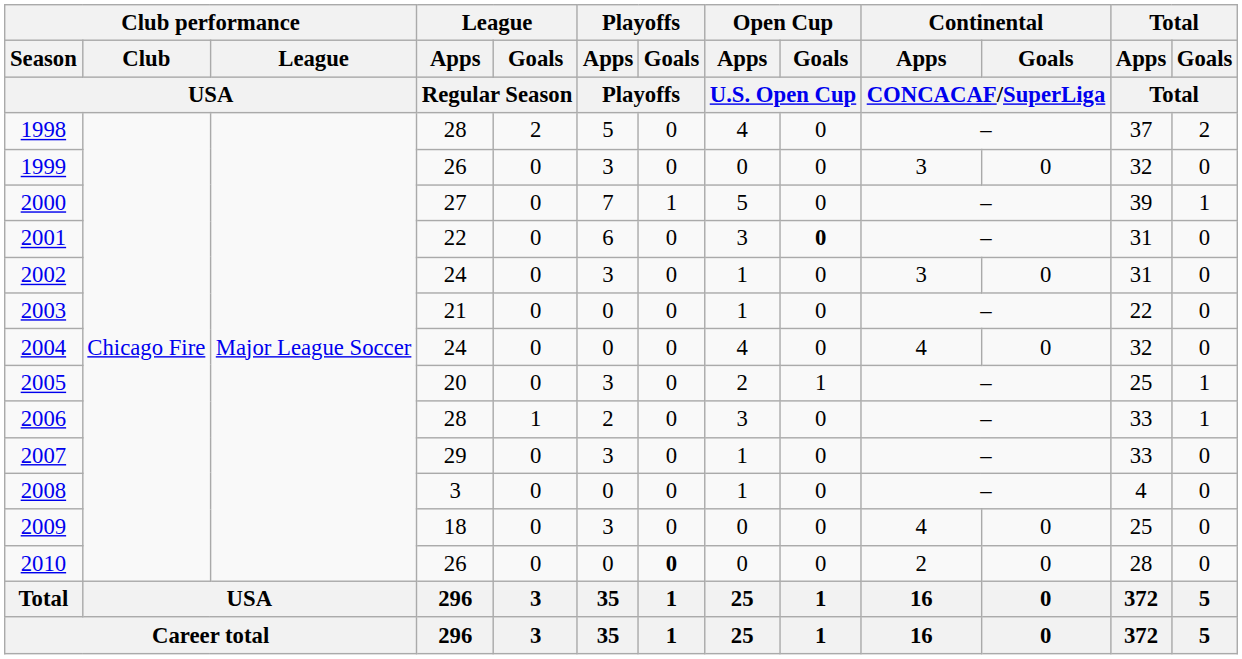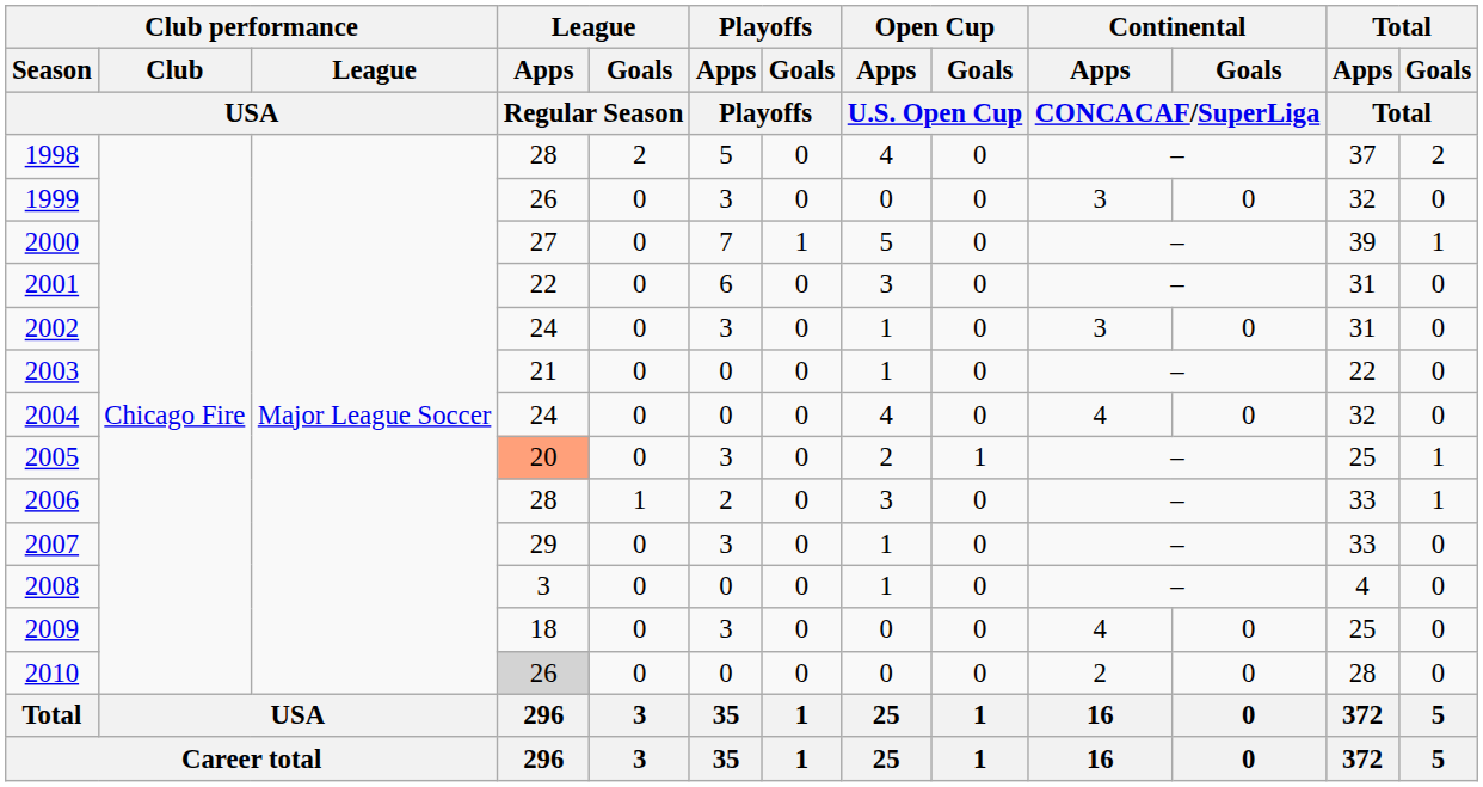 <table class="wikitable" style="text-align:center">
 <tr>
 <th colspan=3>Club performance</th>
 <th colspan=2>League</th>
 <th colspan=2>Playoffs</th>
 <th colspan=2>Open Cup</th>
 <th colspan=2>Continental</th>
 <th colspan=2>Total</th>
 </tr>
 <tr>
 <th>Season</th>
 <th>Club</th>
 <th>League</th>
 <th>Apps</th>
 <th>Goals</th>
 <th>Apps</th>
 <th>Goals</th>
 <th>Apps</th>
 <th>Goals</th>
 <th>Apps</th>
 <th>Goals</th>
 <th>Apps</th>
 <th>Goals</th>
 </tr>
 <tr>
 <th colspan=3>USA</th>
 <th colspan=2>Regular Season</th>
 <th colspan=2>Playoffs</th>
 <th colspan=2><a href='#'>U.S. Open Cup</a></th>
 <th colspan=2><a href='#'>CONCACAF</a>/<a href='#'>SuperLiga</a></th>
 <th colspan=2>Total</th>
 </tr>
 <tr>
 <td><a href='#'>1998</a></td>
 <td rowspan="13"><a href='#'>Chicago Fire</a></td>
 <td rowspan="13"><a href='#'>Major League Soccer</a></td>
 <td>28</td>
 <td>2</td>
 <td>5</td>
 <td>0</td>
 <td>4</td>
 <td>0</td>
 <td colspan="2">–</td>
 <td>37</td>
 <td>2</td>
 </tr>
 <tr>
 <td><a href='#'>1999</a></td>
 <td>26</td>
 <td>0</td>
 <td>3</td>
 <td>0</td>
 <td>0</td>
 <td>0</td>
 <td>3</td>
 <td>0</td>
 <td>32</td>
 <td>0</td>
 </tr>
 <tr>
 <td><a href='#'>2000</a></td>
 <td>27</td>
 <td>0</td>
 <td>7</td>
 <td>1</td>
 <td>5</td>
 <td>0</td>
 <td colspan="2">–</td>
 <td>39</td>
 <td>1</td>
 </tr>
 <tr>
 <td><a href='#'>2001</a></td>
 <td>22</td>
 <td>0</td>
 <td>6</td>
 <td>0</td>
 <td>3</td>
-<td><strong>0</strong></td>
+<td>0</td>
 <td colspan="2">–</td>
 <td>31</td>
 <td>0</td>
 </tr>
 <tr>
 <td><a href='#'>2002</a></td>
 <td>24</td>
 <td>0</td>
 <td>3</td>
 <td>0</td>
 <td>1</td>
 <td>0</td>
 <td>3</td>
 <td>0</td>
 <td>31</td>
 <td>0</td>
 </tr>
 <tr>
 <td><a href='#'>2003</a></td>
 <td>21</td>
 <td>0</td>
 <td>0</td>
 <td>0</td>
 <td>1</td>
 <td>0</td>
 <td colspan="2">–</td>
 <td>22</td>
 <td>0</td>
 </tr>
 <tr>
 <td><a href='#'>2004</a></td>
 <td>24</td>
 <td>0</td>
 <td>0</td>
 <td>0</td>
 <td>4</td>
 <td>0</td>
 <td>4</td>
 <td>0</td>
 <td>32</td>
 <td>0</td>
 </tr>
 <tr>
 <td><a href='#'>2005</a></td>
-<td>20</td>
+<td style="background: lightsalmon;">20</td>
 <td>0</td>
 <td>3</td>
 <td>0</td>
 <td>2</td>
 <td>1</td>
 <td colspan="2">–</td>
 <td>25</td>
 <td>1</td>
 </tr>
 <tr>
 <td><a href='#'>2006</a></td>
 <td>28</td>
 <td>1</td>
 <td>2</td>
 <td>0</td>
 <td>3</td>
 <td>0</td>
 <td colspan="2">–</td>
 <td>33</td>
 <td>1</td>
 </tr>
 <tr>
 <td><a href='#'>2007</a></td>
 <td>29</td>
 <td>0</td>
 <td>3</td>
 <td>0</td>
 <td>1</td>
 <td>0</td>
 <td colspan="2">–</td>
 <td>33</td>
 <td>0</td>
 </tr>
 <tr>
 <td><a href='#'>2008</a></td>
 <td>3</td>
 <td>0</td>
 <td>0</td>
 <td>0</td>
 <td>1</td>
 <td>0</td>
 <td colspan="2">–</td>
 <td>4</td>
 <td>0</td>
 </tr>
 <tr>
 <td><a href='#'>2009</a></td>
 <td>18</td>
 <td>0</td>
 <td>3</td>
 <td>0</td>
 <td>0</td>
 <td>0</td>
 <td>4</td>
 <td>0</td>
 <td>25</td>
 <td>0</td>
 </tr>
 <tr>
 <td><a href='#'>2010</a></td>
-<td>26</td>
+<td style="background: lightgrey;">26</td>
 <td>0</td>
 <td>0</td>
-<td><strong>0</strong></td>
+<td>0</td>
 <td>0</td>
 <td>0</td>
 <td>2</td>
 <td>0</td>
 <td>28</td>
 <td>0</td>
 </tr>
 <tr>
 <th rowspan=1>Total</th>
 <th colspan=2>USA</th>
 <th>296</th>
 <th>3</th>
 <th>35</th>
 <th>1</th>
 <th>25</th>
 <th>1</th>
 <th>16</th>
 <th>0</th>
 <th>372</th>
 <th>5</th>
 </tr>
 <tr>
 <th colspan=3>Career total</th>
 <th>296</th>
 <th>3</th>
 <th>35</th>
 <th>1</th>
 <th>25</th>
 <th>1</th>
 <th>16</th>
 <th>0</th>
 <th>372</th>
 <th>5</th>
 </tr>
 </table>
